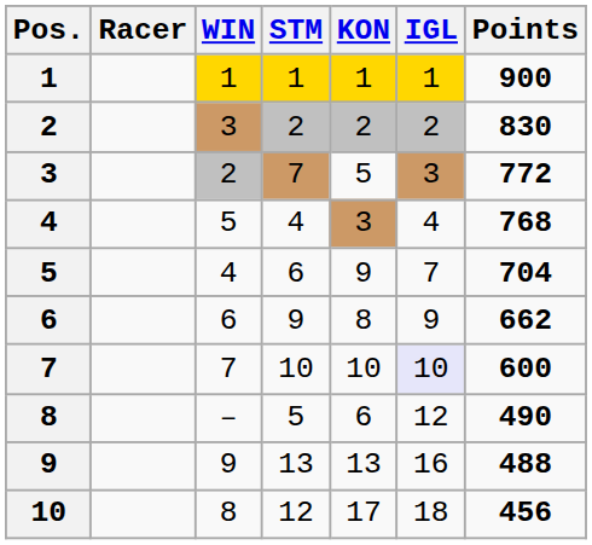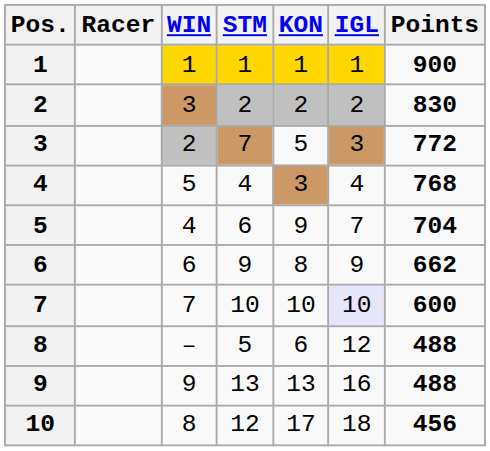 <table class="wikitable sortable plainrowheaders" style="text-align:center;">
 <tr>
 <th scope="col">Pos.</th>
 <th scope="col">Racer</th>
 <th scope="col"><strong> <a href='#'>WIN</a></strong></th>
 <th scope="col"><strong> <a href='#'>STM</a></strong></th>
 <th scope="col"><strong> <a href='#'>KON</a></strong></th>
 <th scope="col"><strong> <a href='#'>IGL</a></strong></th>
 <th style="width:45px;">Points</th>
 </tr>
 <tr>
 <th style="text-align:center;">1</th>
 <td align="left"></td>
 <td style="background:gold;">1</td>
 <td style="background:gold;">1</td>
 <td style="background:gold;">1</td>
 <td style="background:gold;">1</td>
 <td><strong>900</strong></td>
 </tr>
 <tr>
 <th style="text-align:center;">2</th>
 <td align="left"></td>
 <td style="background:#c96;">3</td>
 <td style="background:silver;">2</td>
 <td style="background:silver;">2</td>
 <td style="background:silver;">2</td>
 <td><strong>830</strong></td>
 </tr>
 <tr>
 <th style="text-align:center;">3</th>
 <td align="left"></td>
 <td style="background:silver;">2</td>
 <td style="background:#c96;">7</td>
 <td>5</td>
 <td style="background:#c96;">3</td>
 <td><strong>772</strong></td>
 </tr>
 <tr>
 <th style="text-align:center;">4</th>
 <td align="left"></td>
 <td>5</td>
 <td>4</td>
 <td style="background:#c96;">3</td>
 <td>4</td>
 <td><strong>768</strong></td>
 </tr>
 <tr>
 <th style="text-align:center;">5</th>
 <td align="left"></td>
 <td>4</td>
 <td>6</td>
 <td>9</td>
 <td>7</td>
 <td><strong>704</strong></td>
 </tr>
 <tr>
 <th style="text-align:center;">6</th>
 <td align="left"></td>
 <td>6</td>
 <td>9</td>
 <td>8</td>
 <td>9</td>
 <td><strong>662</strong></td>
 </tr>
 <tr>
 <th style="text-align:center;">7</th>
 <td align="left"></td>
 <td>7</td>
 <td>10</td>
 <td>10</td>
 <td style="background: lavender;">10</td>
 <td><strong>600</strong></td>
 </tr>
 <tr>
 <th style="text-align:center;">8</th>
 <td align="left"></td>
 <td>–</td>
 <td>5</td>
 <td>6</td>
 <td>12</td>
-<td><strong>490</strong></td>
+<td><strong>488</strong></td>
 </tr>
 <tr>
 <th style="text-align:center;">9</th>
 <td align="left"></td>
 <td>9</td>
 <td>13</td>
 <td>13</td>
 <td>16</td>
 <td><strong>488</strong></td>
 </tr>
 <tr>
 <th style="text-align:center;">10</th>
 <td align="left"></td>
 <td>8</td>
 <td>12</td>
 <td>17</td>
 <td>18</td>
 <td><strong>456</strong></td>
 </tr>
 </table>
